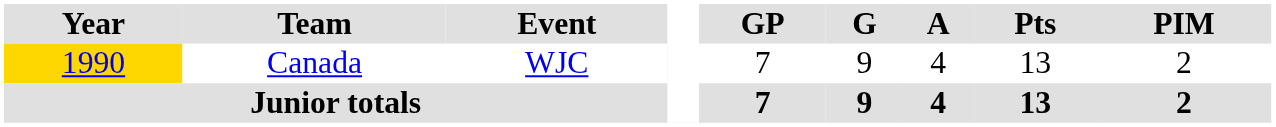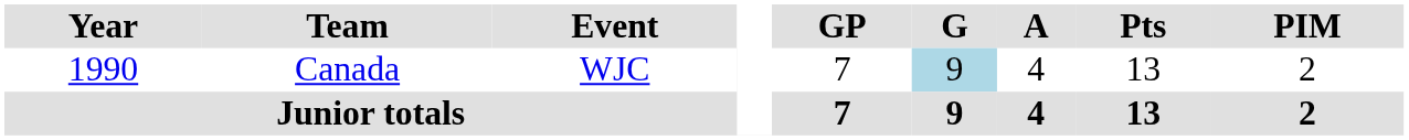 <table border="0" cellpadding="1" cellspacing="0" style="text-align:center; width:40em">
 <tr ALIGN="center" bgcolor="#e0e0e0">
 <th>Year</th>
 <th>Team</th>
 <th>Event</th>
 <th rowspan="99" bgcolor="#ffffff"> </th>
 <th>GP</th>
 <th>G</th>
 <th>A</th>
 <th>Pts</th>
 <th>PIM</th>
 </tr>
 <tr>
-<td style="background: gold;"><a href='#'>1990</a></td>
+<td><a href='#'>1990</a></td>
 <td><a href='#'>Canada</a></td>
 <td><a href='#'>WJC</a></td>
 <td>7</td>
-<td>9</td>
+<td style="background: lightblue;">9</td>
 <td>4</td>
 <td>13</td>
 <td>2</td>
 </tr>
 <tr bgcolor="#e0e0e0">
 <th colspan="3">Junior totals</th>
 <th>7</th>
 <th>9</th>
 <th>4</th>
 <th>13</th>
 <th>2</th>
 </tr>
 </table>
